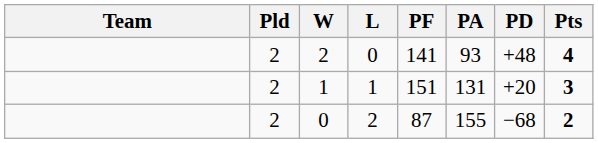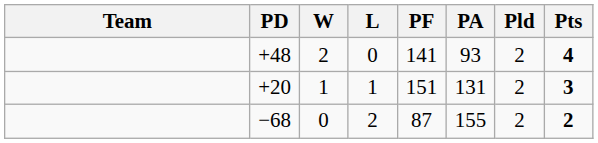 <table class=wikitable style="text-align:center">
 <tr>
 <th width=180>Team</th>
-<th width=30>Pld</th>
+<th width=30>PD</th>
 <th width=30>W</th>
 <th width=30>L</th>
 <th width=30>PF</th>
 <th width=30>PA</th>
-<th width=30>PD</th>
+<th width=30>Pld</th>
 <th width=30>Pts</th>
 </tr>
 <tr>
 <td align="left"></td>
-<td>2</td>
+<td>+48</td>
 <td>2</td>
 <td>0</td>
 <td>141</td>
 <td>93</td>
-<td>+48</td>
+<td>2</td>
 <td><strong>4</strong></td>
 </tr>
 <tr>
 <td align="left"></td>
-<td>2</td>
+<td>+20</td>
 <td>1</td>
 <td>1</td>
 <td>151</td>
 <td>131</td>
-<td>+20</td>
+<td>2</td>
 <td><strong>3</strong></td>
 </tr>
 <tr>
 <td align="left"></td>
-<td>2</td>
+<td>−68</td>
 <td>0</td>
 <td>2</td>
 <td>87</td>
 <td>155</td>
-<td>−68</td>
+<td>2</td>
 <td><strong>2</strong></td>
 </tr>
 </table>
